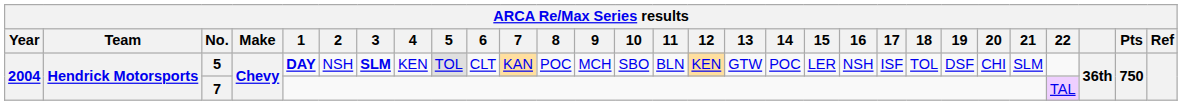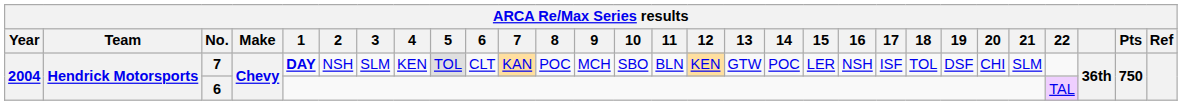 <table class="wikitable" style="text-align:center; font-size:75%">
 <tr>
 <th colspan=45><a href='#'>ARCA Re/Max Series</a> results</th>
 </tr>
 <tr>
 <th>Year</th>
 <th>Team</th>
 <th>No.</th>
 <th>Make</th>
 <th>1</th>
 <th>2</th>
 <th>3</th>
 <th>4</th>
 <th>5</th>
 <th>6</th>
 <th>7</th>
 <th>8</th>
 <th>9</th>
 <th>10</th>
 <th>11</th>
 <th>12</th>
 <th>13</th>
 <th>14</th>
 <th>15</th>
 <th>16</th>
 <th>17</th>
 <th>18</th>
 <th>19</th>
 <th>20</th>
 <th>21</th>
 <th>22</th>
 <th></th>
 <th>Pts</th>
 <th>Ref</th>
 </tr>
 <tr>
 <th rowspan=2><a href='#'>2004</a></th>
 <th rowspan=2><a href='#'>Hendrick Motorsports</a></th>
-<th>5</th>
+<th>7</th>
 <th rowspan=2><a href='#'>Chevy</a></th>
 <td><strong><a href='#'>DAY</a></strong></td>
 <td><a href='#'>NSH</a></td>
-<td><strong><a href='#'>SLM</a></strong></td>
+<td><a href='#'>SLM</a></td>
 <td><a href='#'>KEN</a></td>
 <td style="background:#DFDFDF;"><a href='#'>TOL</a><br></td>
 <td><a href='#'>CLT</a></td>
 <td style="background:#FFDF9F;"><a href='#'>KAN</a><br></td>
 <td><a href='#'>POC</a></td>
 <td><a href='#'>MCH</a></td>
 <td><a href='#'>SBO</a></td>
 <td><a href='#'>BLN</a></td>
 <td style="background:#FFDF9F;"><a href='#'>KEN</a><br></td>
 <td><a href='#'>GTW</a></td>
 <td><a href='#'>POC</a></td>
 <td><a href='#'>LER</a></td>
 <td><a href='#'>NSH</a></td>
 <td><a href='#'>ISF</a></td>
 <td><a href='#'>TOL</a></td>
 <td><a href='#'>DSF</a></td>
 <td><a href='#'>CHI</a></td>
 <td><a href='#'>SLM</a></td>
 <td></td>
 <th rowspan=2>36th</th>
 <th rowspan=2>750</th>
 <th rowspan=2></th>
 </tr>
 <tr>
-<th>7</th>
+<th>6</th>
 <td colspan=21></td>
 <td style="background:#EFCFFF;"><a href='#'>TAL</a><br></td>
 </tr>
 </table>
